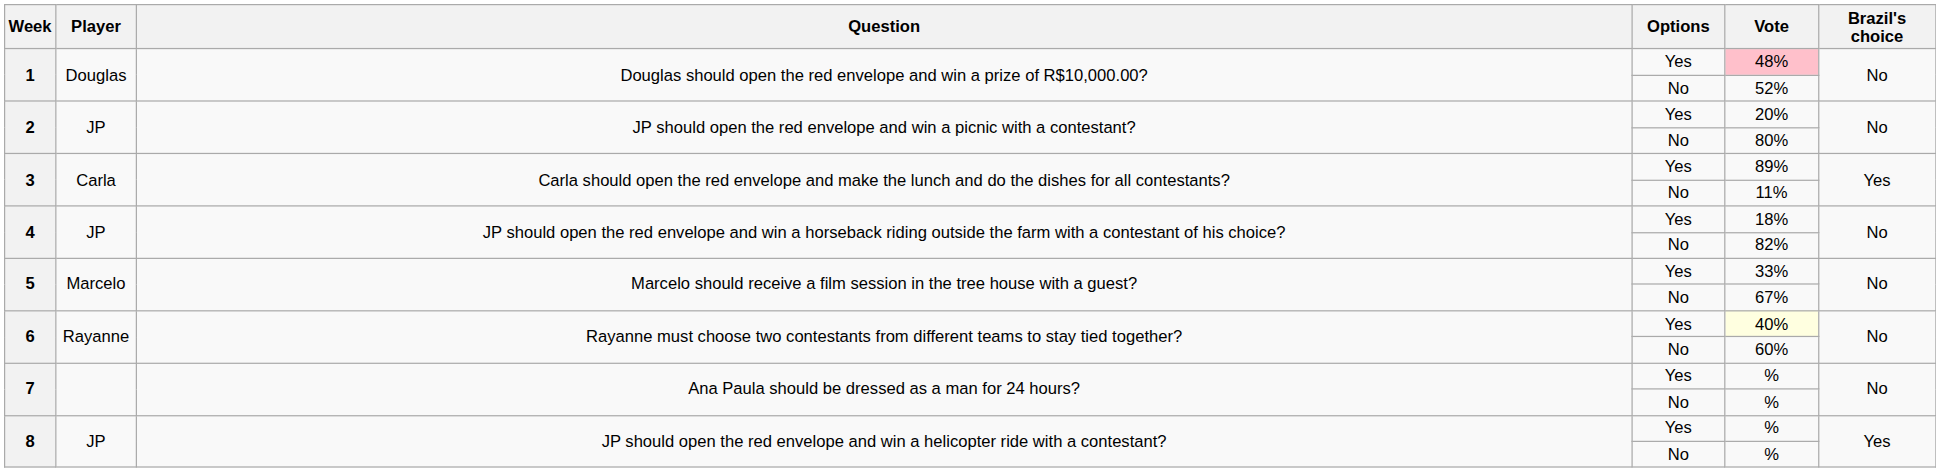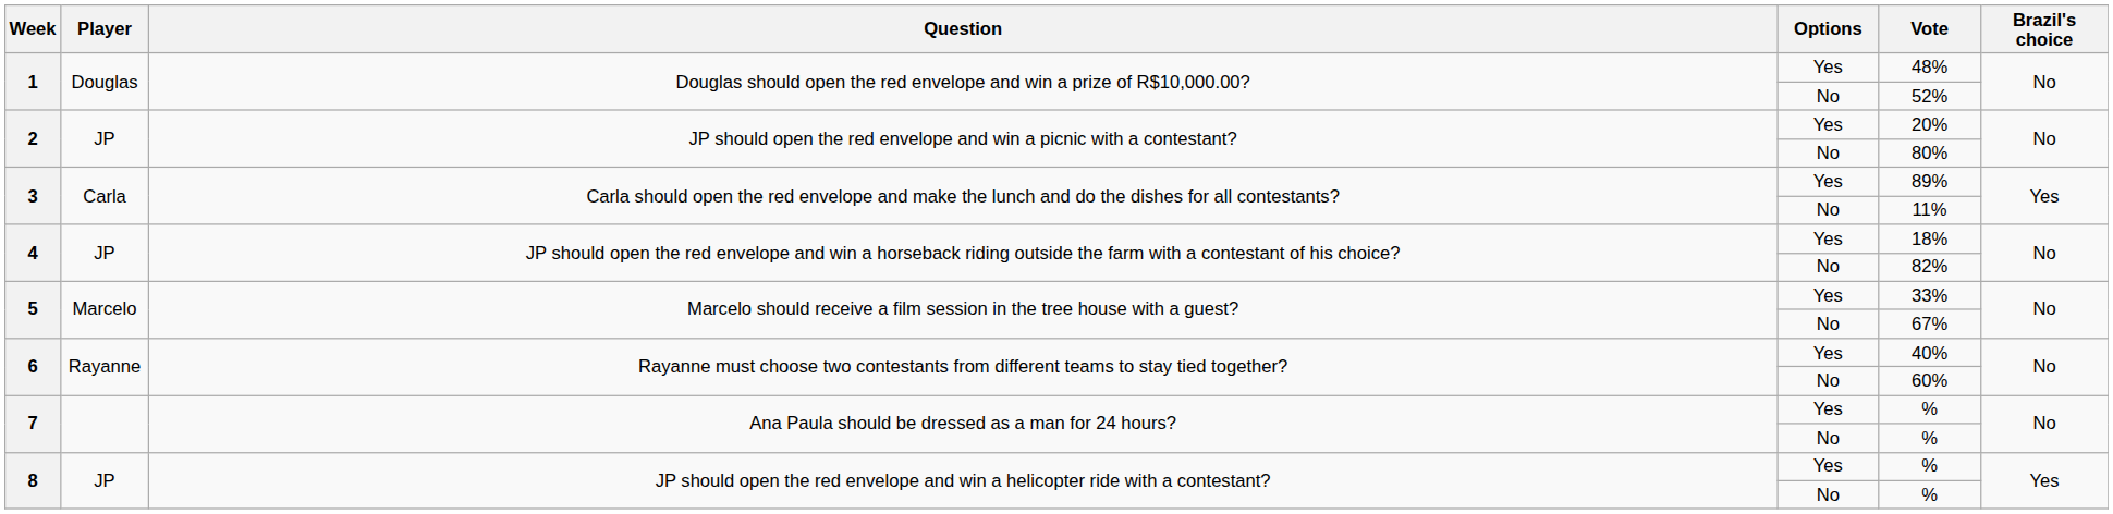 <table class="wikitable" style="text-align:center; font-size:85%; width:100%;">
 <tr>
 <th width=10>Week</th>
 <th width=60>Player</th>
 <th>Question</th>
 <th width=70>Options</th>
 <th width=70>Vote</th>
 <th width=90>Brazil's choice</th>
 </tr>
 <tr>
 <th rowspan=2>1</th>
 <td rowspan=2>Douglas</td>
 <td rowspan=2>Douglas should open the red envelope and win a prize of R$10,000.00?</td>
 <td>Yes</td>
-<td style="background: pink;">48%</td>
+<td>48%</td>
 <td rowspan=2>No</td>
 </tr>
 <tr>
 <td>No</td>
 <td>52%</td>
 </tr>
 <tr>
 <th rowspan=2>2</th>
 <td rowspan=2>JP</td>
 <td rowspan=2>JP should open the red envelope and win a picnic with a contestant?</td>
 <td>Yes</td>
 <td>20%</td>
 <td rowspan=2>No</td>
 </tr>
 <tr>
 <td>No</td>
 <td>80%</td>
 </tr>
 <tr>
 <th rowspan=2>3</th>
 <td rowspan=2>Carla</td>
 <td rowspan=2>Carla should open the red envelope and make the lunch and do the dishes for all contestants?</td>
 <td>Yes</td>
 <td>89%</td>
 <td rowspan=2>Yes</td>
 </tr>
 <tr>
 <td>No</td>
 <td>11%</td>
 </tr>
 <tr>
 <th rowspan=2>4</th>
 <td rowspan=2>JP</td>
 <td rowspan=2>JP should open the red envelope and win a horseback riding outside the farm with a contestant of his choice?</td>
 <td>Yes</td>
 <td>18%</td>
 <td rowspan=2>No</td>
 </tr>
 <tr>
 <td>No</td>
 <td>82%</td>
 </tr>
 <tr>
 <th rowspan=2>5</th>
 <td rowspan=2>Marcelo</td>
 <td rowspan=2>Marcelo should receive a film session in the tree house with a guest?</td>
 <td>Yes</td>
 <td>33%</td>
 <td rowspan=2>No</td>
 </tr>
 <tr>
 <td>No</td>
 <td>67%</td>
 </tr>
 <tr>
 <th rowspan=2>6</th>
 <td rowspan=2>Rayanne</td>
 <td rowspan=2>Rayanne must choose two contestants from different teams to stay tied together?</td>
 <td>Yes</td>
-<td style="background: lightyellow;">40%</td>
+<td>40%</td>
 <td rowspan=2>No</td>
 </tr>
 <tr>
 <td>No</td>
 <td>60%</td>
 </tr>
 <tr>
 <th rowspan=2>7</th>
 <td rowspan=2></td>
 <td rowspan=2>Ana Paula should be dressed as a man for 24 hours?</td>
 <td>Yes</td>
 <td>%</td>
 <td rowspan=2>No</td>
 </tr>
 <tr>
 <td>No</td>
 <td>%</td>
 </tr>
 <tr>
 <th rowspan=2>8</th>
 <td rowspan=2>JP</td>
 <td rowspan=2>JP should open the red envelope and win a helicopter ride with a contestant?</td>
 <td>Yes</td>
 <td>%</td>
 <td rowspan=2>Yes</td>
 </tr>
 <tr>
 <td>No</td>
 <td>%</td>
 </tr>
 </table>
